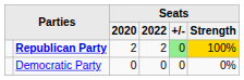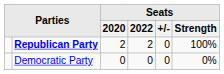 <table class=wikitable>
 <tr>
 <th style="background-color:#E9E9E9" align=center rowspan=2 colspan=2>Parties</th>
 <th style="background-color:#E9E9E9" align=center colspan=5>Seats</th>
 </tr>
 <tr bgcolor=#E9E9E9>
 <th>2020</th>
 <th>2022</th>
 <th>+/-</th>
 <th>Strength</th>
 </tr>
 <tr>
 <td style="background-color:"> </td>
 <td><strong><a href='#'>Republican Party</a></strong></td>
 <td align=right>2</td>
 <td align=right>2</td>
-<td align=right style="background: lightgreen;">0</td>
-<td align=right style="background: gold;">100%</td>
+<td align=right>0</td>
+<td align=right>100%</td>
 </tr>
 <tr>
 <td style="background-color:"> </td>
 <td><a href='#'>Democratic Party</a></td>
 <td align=right>0</td>
 <td align=right>0</td>
 <td align=right>0</td>
 <td align=right>0%</td>
 </tr>
 </table>
